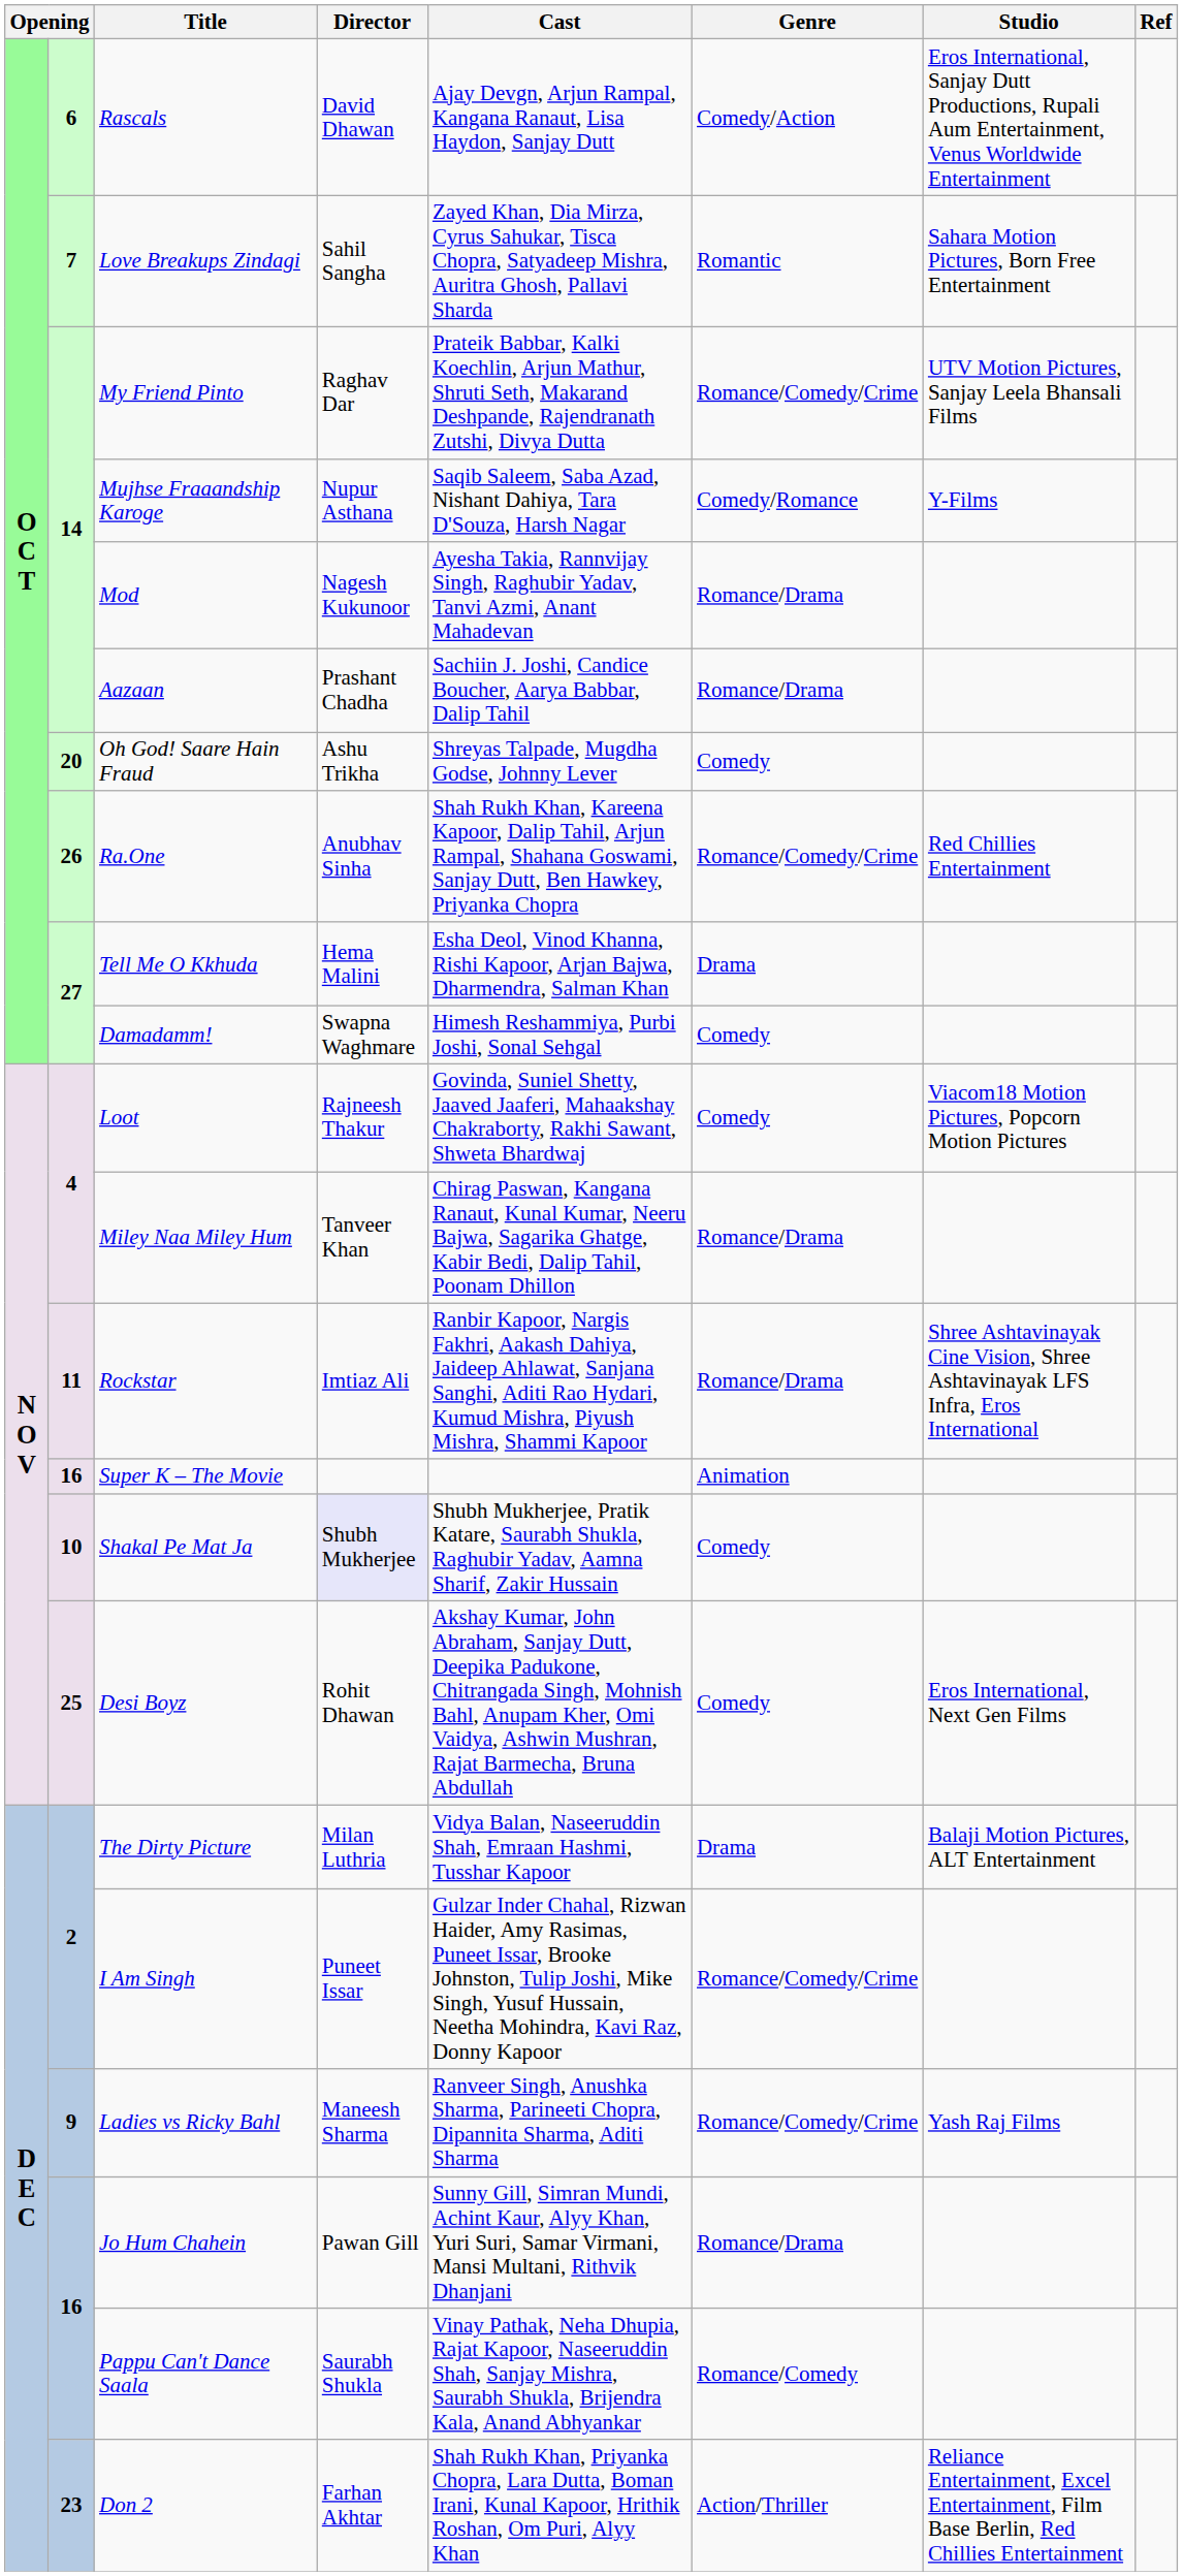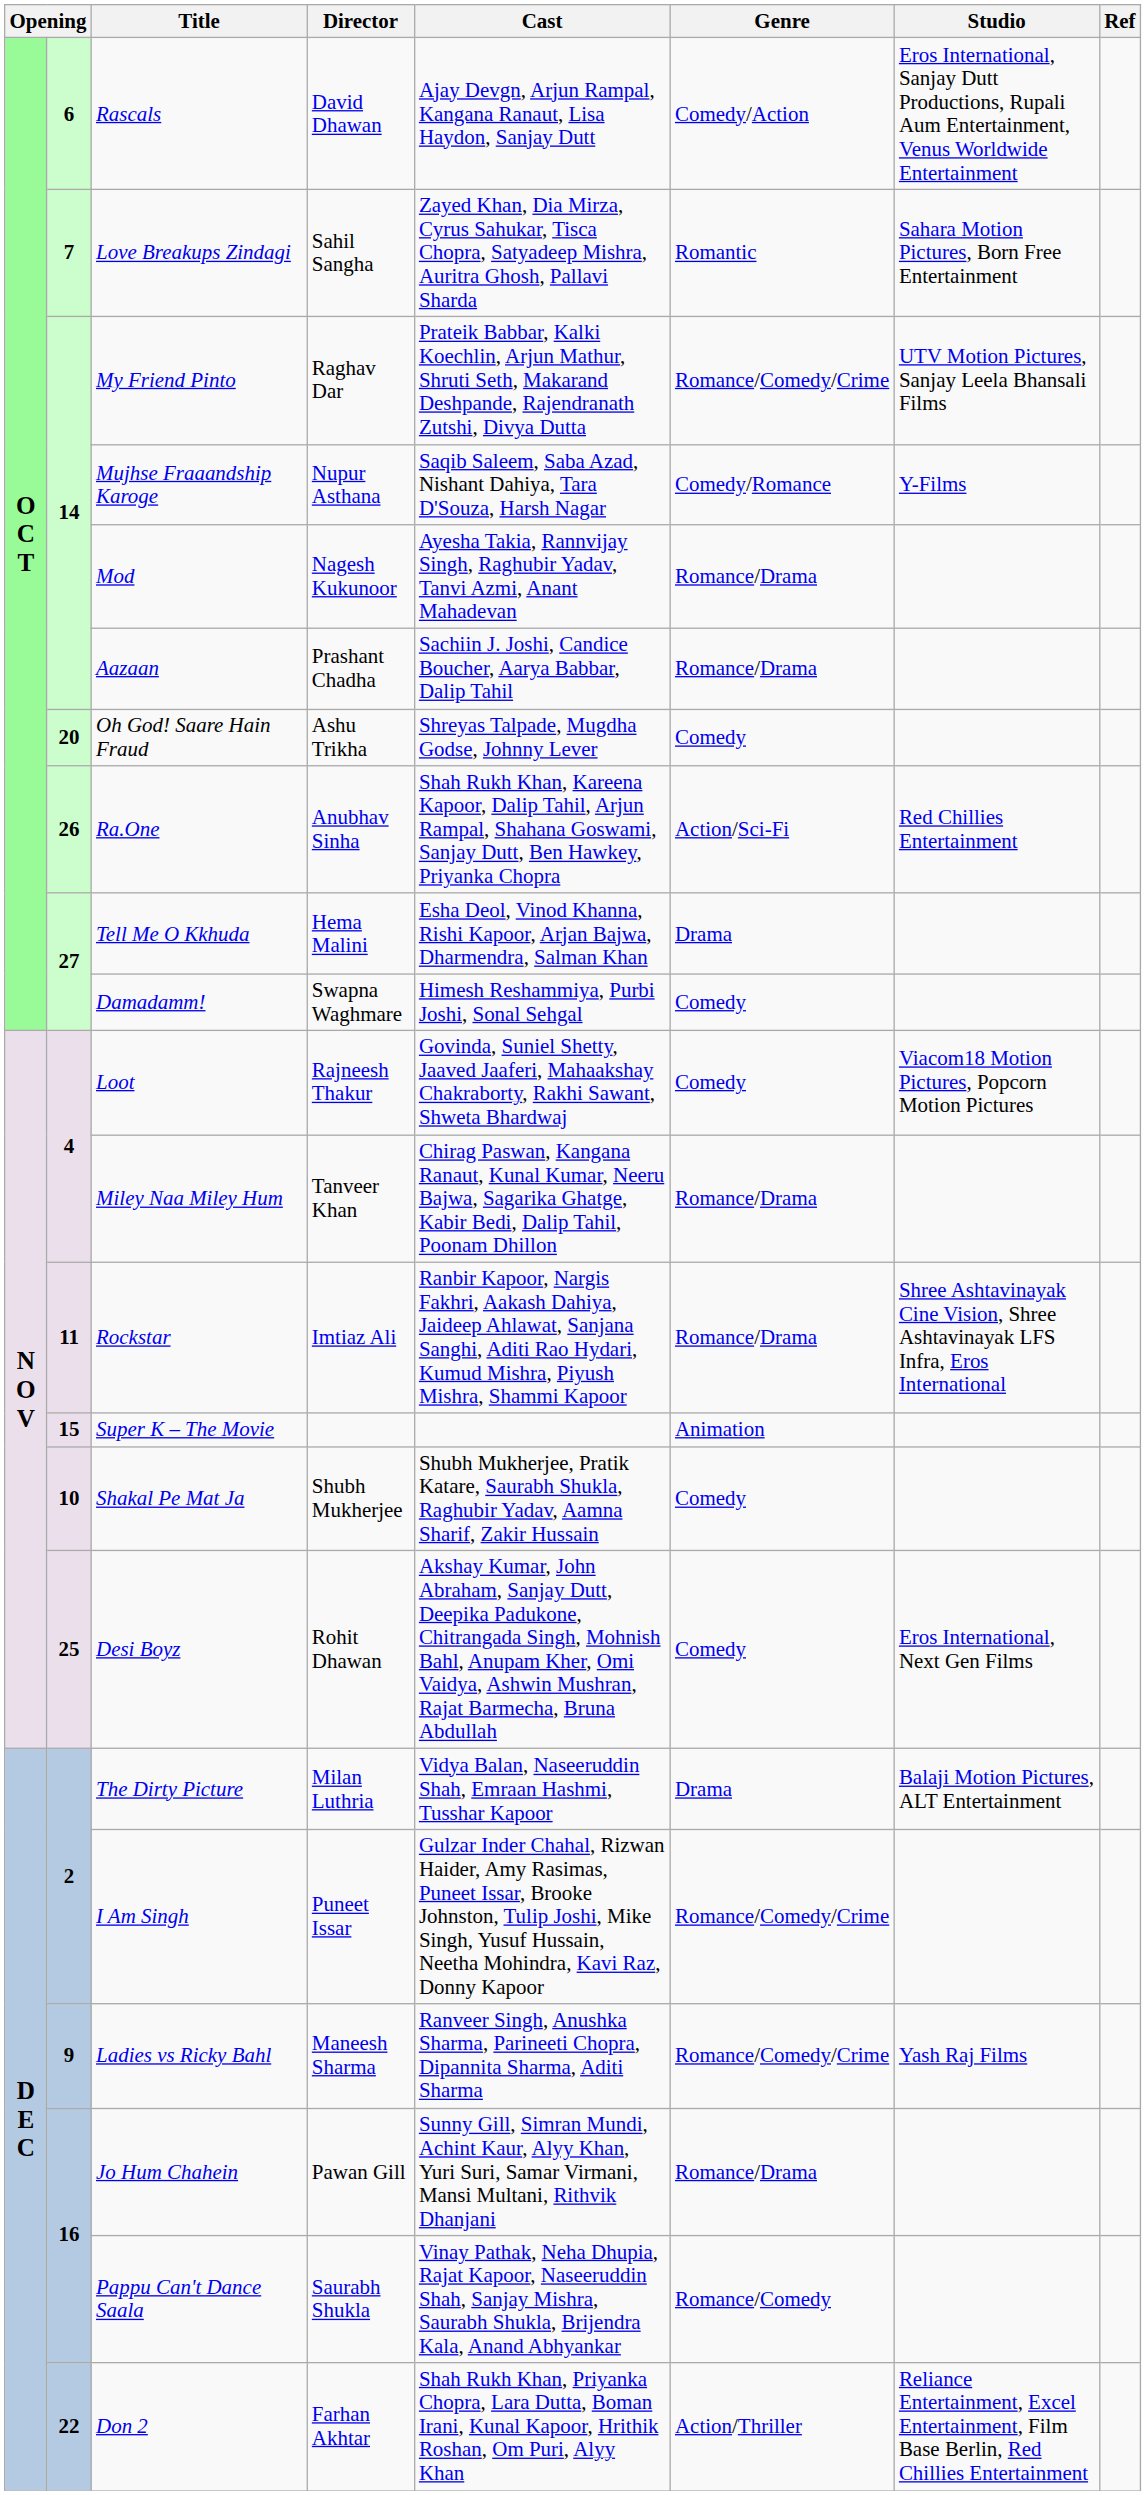 <table class="wikitable">
 <tr style="background:#b0e0e66; text-align:center;">
 <th colspan="2"><strong>Opening</strong></th>
 <th style="width:19%;"><strong>Title</strong></th>
 <th><strong>Director</strong></th>
 <th><strong>Cast</strong></th>
 <th><strong>Genre</strong></th>
 <th><strong>Studio</strong></th>
 <th><strong>Ref</strong></th>
 </tr>
 <tr>
 <td rowspan="10" style="text-align:center; background:#98fb98; textcolor:#000;"><big><strong>O<br>C<br>T</strong></big></td>
 <td style="text-align:center; background:#ccfdcc;"><strong>6</strong></td>
 <td><em><a href='#'>Rascals</a></em></td>
 <td><a href='#'>David Dhawan</a></td>
 <td><a href='#'>Ajay Devgn</a>, <a href='#'>Arjun Rampal</a>, <a href='#'>Kangana Ranaut</a>, <a href='#'>Lisa Haydon</a>, <a href='#'>Sanjay Dutt</a></td>
 <td><a href='#'>Comedy</a>/<a href='#'>Action</a></td>
 <td><a href='#'>Eros International</a>, Sanjay Dutt Productions, Rupali Aum Entertainment, <a href='#'>Venus Worldwide Entertainment</a></td>
 <td></td>
 </tr>
 <tr>
 <td style="text-align:center; background:#ccfdcc;"><strong>7</strong></td>
 <td><em><a href='#'>Love Breakups Zindagi</a></em></td>
 <td>Sahil Sangha</td>
 <td><a href='#'>Zayed Khan</a>, <a href='#'>Dia Mirza</a>, <a href='#'>Cyrus Sahukar</a>, <a href='#'>Tisca Chopra</a>, <a href='#'>Satyadeep Mishra</a>, <a href='#'>Auritra Ghosh</a>, <a href='#'>Pallavi Sharda</a></td>
 <td><a href='#'>Romantic</a></td>
 <td><a href='#'>Sahara Motion Pictures</a>, Born Free Entertainment</td>
 <td></td>
 </tr>
 <tr>
 <td rowspan="4" style="text-align:center; background:#ccfdcc;"><strong>14</strong></td>
 <td><em><a href='#'>My Friend Pinto</a></em></td>
 <td>Raghav Dar</td>
 <td><a href='#'>Prateik Babbar</a>, <a href='#'>Kalki Koechlin</a>, <a href='#'>Arjun Mathur</a>, <a href='#'>Shruti Seth</a>, <a href='#'>Makarand Deshpande</a>, <a href='#'>Rajendranath Zutshi</a>, <a href='#'>Divya Dutta</a></td>
 <td><a href='#'>Romance</a>/<a href='#'>Comedy</a>/<a href='#'>Crime</a></td>
 <td><a href='#'>UTV Motion Pictures</a>, Sanjay Leela Bhansali Films</td>
 <td></td>
 </tr>
 <tr>
 <td><em><a href='#'>Mujhse Fraaandship Karoge</a></em></td>
 <td><a href='#'>Nupur Asthana</a></td>
 <td><a href='#'>Saqib Saleem</a>, <a href='#'>Saba Azad</a>, Nishant Dahiya, <a href='#'>Tara D'Souza</a>, <a href='#'>Harsh Nagar</a></td>
 <td><a href='#'>Comedy</a>/<a href='#'>Romance</a></td>
 <td><a href='#'>Y-Films</a></td>
 <td></td>
 </tr>
 <tr>
 <td><em><a href='#'>Mod</a></em></td>
 <td><a href='#'>Nagesh Kukunoor</a></td>
 <td><a href='#'>Ayesha Takia</a>, <a href='#'>Rannvijay Singh</a>, <a href='#'>Raghubir Yadav</a>, <a href='#'>Tanvi Azmi</a>, <a href='#'>Anant Mahadevan</a></td>
 <td><a href='#'>Romance</a>/<a href='#'>Drama</a></td>
 <td></td>
 <td></td>
 </tr>
 <tr>
 <td><em><a href='#'>Aazaan</a></em></td>
 <td>Prashant Chadha</td>
 <td><a href='#'>Sachiin J. Joshi</a>, <a href='#'>Candice Boucher</a>, <a href='#'>Aarya Babbar</a>, <a href='#'>Dalip Tahil</a></td>
 <td><a href='#'>Romance</a>/<a href='#'>Drama</a></td>
 <td></td>
 <td></td>
 </tr>
 <tr>
 <td style="text-align:center; background:#ccfdcc;"><strong>20</strong></td>
 <td><em>Oh God! Saare Hain Fraud</em></td>
 <td>Ashu Trikha</td>
 <td><a href='#'>Shreyas Talpade</a>, <a href='#'>Mugdha Godse</a>, <a href='#'>Johnny Lever</a></td>
 <td><a href='#'>Comedy</a></td>
 <td></td>
 <td></td>
 </tr>
 <tr>
 <td style="text-align:center; background:#ccfdcc;"><strong>26</strong></td>
 <td><em><a href='#'>Ra.One</a></em></td>
 <td><a href='#'>Anubhav Sinha</a></td>
 <td><a href='#'>Shah Rukh Khan</a>, <a href='#'>Kareena Kapoor</a>, <a href='#'>Dalip Tahil</a>, <a href='#'>Arjun Rampal</a>, <a href='#'>Shahana Goswami</a>, <a href='#'>Sanjay Dutt</a>, <a href='#'>Ben Hawkey</a>, <a href='#'>Priyanka Chopra</a></td>
-<td><a href='#'>Romance</a>/<a href='#'>Comedy</a>/<a href='#'>Crime</a></td>
+<td><a href='#'>Action</a>/<a href='#'>Sci-Fi</a></td>
 <td><a href='#'>Red Chillies Entertainment</a></td>
 <td></td>
 </tr>
 <tr>
 <td rowspan="2" style="text-align:center; background:#ccfdcc;"><strong>27</strong></td>
 <td><em><a href='#'>Tell Me O Kkhuda</a></em></td>
 <td><a href='#'>Hema Malini</a></td>
 <td><a href='#'>Esha Deol</a>, <a href='#'>Vinod Khanna</a>, <a href='#'>Rishi Kapoor</a>, <a href='#'>Arjan Bajwa</a>, <a href='#'>Dharmendra</a>, <a href='#'>Salman Khan</a></td>
 <td><a href='#'>Drama</a></td>
 <td></td>
 <td></td>
 </tr>
 <tr>
 <td><em><a href='#'>Damadamm!</a></em></td>
 <td>Swapna Waghmare</td>
 <td><a href='#'>Himesh Reshammiya</a>, <a href='#'>Purbi Joshi</a>, <a href='#'>Sonal Sehgal</a></td>
 <td><a href='#'>Comedy</a></td>
 <td></td>
 <td></td>
 </tr>
 <tr>
 <td rowspan="6" style="text-align:center; background:#ecdfec; textcolor:#000;"><big><strong>N<br>O<br>V</strong></big></td>
 <td rowspan="2" style="text-align:center; background:#ecdfec;"><strong>4</strong></td>
 <td><em><a href='#'>Loot</a></em></td>
 <td><a href='#'>Rajneesh Thakur</a></td>
 <td><a href='#'>Govinda</a>, <a href='#'>Suniel Shetty</a>, <a href='#'>Jaaved Jaaferi</a>, <a href='#'>Mahaakshay Chakraborty</a>, <a href='#'>Rakhi Sawant</a>, <a href='#'>Shweta Bhardwaj</a></td>
 <td><a href='#'>Comedy</a></td>
 <td><a href='#'>Viacom18 Motion Pictures</a>, Popcorn Motion Pictures</td>
 <td></td>
 </tr>
 <tr>
 <td><em><a href='#'>Miley Naa Miley Hum</a></em></td>
 <td>Tanveer Khan</td>
 <td><a href='#'>Chirag Paswan</a>, <a href='#'>Kangana Ranaut</a>, <a href='#'>Kunal Kumar</a>, <a href='#'>Neeru Bajwa</a>, <a href='#'>Sagarika Ghatge</a>, <a href='#'>Kabir Bedi</a>, <a href='#'>Dalip Tahil</a>, <a href='#'>Poonam Dhillon</a></td>
 <td><a href='#'>Romance</a>/<a href='#'>Drama</a></td>
 <td></td>
 <td></td>
 </tr>
 <tr>
 <td style="text-align:center; background:#ecdfec;"><strong>11</strong></td>
 <td><em><a href='#'>Rockstar</a></em></td>
 <td><a href='#'>Imtiaz Ali</a></td>
 <td><a href='#'>Ranbir Kapoor</a>, <a href='#'>Nargis Fakhri</a>, <a href='#'>Aakash Dahiya</a>, <a href='#'>Jaideep Ahlawat</a>, <a href='#'>Sanjana Sanghi</a>, <a href='#'>Aditi Rao Hydari</a>, <a href='#'>Kumud Mishra</a>, <a href='#'>Piyush Mishra</a>, <a href='#'>Shammi Kapoor</a></td>
 <td><a href='#'>Romance</a>/<a href='#'>Drama</a></td>
 <td><a href='#'>Shree Ashtavinayak Cine Vision</a>, Shree Ashtavinayak LFS Infra, <a href='#'>Eros International</a></td>
 <td></td>
 </tr>
 <tr>
-<td style="text-align:center; background:#ecdfec;"><strong>16</strong></td>
+<td style="text-align:center; background:#ecdfec;"><strong>15</strong></td>
 <td><em><a href='#'>Super K – The Movie</a></em></td>
 <td></td>
 <td></td>
 <td><a href='#'>Animation</a></td>
 <td></td>
 <td></td>
 </tr>
 <tr>
 <td style="text-align:center; background:#ecdfec;"><strong>10</strong></td>
 <td><em><a href='#'>Shakal Pe Mat Ja</a></em></td>
-<td style="background: lavender;">Shubh Mukherjee</td>
+<td>Shubh Mukherjee</td>
 <td>Shubh Mukherjee, Pratik Katare, <a href='#'>Saurabh Shukla</a>, <a href='#'>Raghubir Yadav</a>, <a href='#'>Aamna Sharif</a>, <a href='#'>Zakir Hussain</a></td>
 <td><a href='#'>Comedy</a></td>
 <td></td>
 <td></td>
 </tr>
 <tr>
 <td style="text-align:center; background:#ecdfec;"><strong>25</strong></td>
 <td><em><a href='#'>Desi Boyz</a></em></td>
 <td>Rohit Dhawan</td>
 <td><a href='#'>Akshay Kumar</a>, <a href='#'>John Abraham</a>, <a href='#'>Sanjay Dutt</a>, <a href='#'>Deepika Padukone</a>, <a href='#'>Chitrangada Singh</a>, <a href='#'>Mohnish Bahl</a>, <a href='#'>Anupam Kher</a>, <a href='#'>Omi Vaidya</a>, <a href='#'>Ashwin Mushran</a>, <a href='#'>Rajat Barmecha</a>, <a href='#'>Bruna Abdullah</a></td>
 <td><a href='#'>Comedy</a></td>
 <td><a href='#'>Eros International</a>, Next Gen Films</td>
 <td></td>
 </tr>
 <tr>
 <td rowspan="6" style="text-align:center; background:#b4cae3; textcolor:#000;"><big><strong>D<br>E<br>C</strong></big></td>
 <td rowspan="2" style="text-align:center; background:#b4cae3;"><strong>2</strong></td>
 <td><em><a href='#'>The Dirty Picture</a></em></td>
 <td><a href='#'>Milan Luthria</a></td>
 <td><a href='#'>Vidya Balan</a>, <a href='#'>Naseeruddin Shah</a>, <a href='#'>Emraan Hashmi</a>, <a href='#'>Tusshar Kapoor</a></td>
 <td><a href='#'>Drama</a></td>
 <td><a href='#'>Balaji Motion Pictures</a>, ALT Entertainment</td>
 <td></td>
 </tr>
 <tr>
 <td><em><a href='#'>I Am Singh</a></em></td>
 <td><a href='#'>Puneet Issar</a></td>
 <td><a href='#'>Gulzar Inder Chahal</a>, Rizwan Haider, Amy Rasimas, <a href='#'>Puneet Issar</a>, Brooke Johnston, <a href='#'>Tulip Joshi</a>, Mike Singh, Yusuf Hussain, Neetha Mohindra, <a href='#'>Kavi Raz</a>, Donny Kapoor</td>
 <td><a href='#'>Romance</a>/<a href='#'>Comedy</a>/<a href='#'>Crime</a></td>
 <td></td>
 <td></td>
 </tr>
 <tr>
 <td style="text-align:center; background:#b4cae3;"><strong>9</strong></td>
 <td><em><a href='#'>Ladies vs Ricky Bahl</a></em></td>
 <td><a href='#'>Maneesh Sharma</a></td>
 <td><a href='#'>Ranveer Singh</a>, <a href='#'>Anushka Sharma</a>, <a href='#'>Parineeti Chopra</a>, <a href='#'>Dipannita Sharma</a>, <a href='#'>Aditi Sharma</a></td>
 <td><a href='#'>Romance</a>/<a href='#'>Comedy</a>/<a href='#'>Crime</a></td>
 <td><a href='#'>Yash Raj Films</a></td>
 <td></td>
 </tr>
 <tr>
 <td rowspan="2" style="text-align:center; background:#b4cae3;"><strong>16</strong></td>
 <td><em><a href='#'>Jo Hum Chahein</a></em></td>
 <td>Pawan Gill</td>
 <td><a href='#'>Sunny Gill</a>, <a href='#'>Simran Mundi</a>, <a href='#'>Achint Kaur</a>, <a href='#'>Alyy Khan</a>, Yuri Suri, Samar Virmani, Mansi Multani, <a href='#'>Rithvik Dhanjani</a></td>
 <td><a href='#'>Romance</a>/<a href='#'>Drama</a></td>
 <td></td>
 <td></td>
 </tr>
 <tr>
 <td><em><a href='#'>Pappu Can't Dance Saala</a></em></td>
 <td><a href='#'>Saurabh Shukla</a></td>
 <td><a href='#'>Vinay Pathak</a>, <a href='#'>Neha Dhupia</a>, <a href='#'>Rajat Kapoor</a>, <a href='#'>Naseeruddin Shah</a>, <a href='#'>Sanjay Mishra</a>, <a href='#'>Saurabh Shukla</a>, <a href='#'>Brijendra Kala</a>, <a href='#'>Anand Abhyankar</a></td>
 <td><a href='#'>Romance</a>/<a href='#'>Comedy</a></td>
 <td></td>
 <td></td>
 </tr>
 <tr>
-<td style="text-align:center; background:#b4cae3;"><strong>23</strong></td>
+<td style="text-align:center; background:#b4cae3;"><strong>22</strong></td>
 <td><em><a href='#'>Don 2</a></em></td>
 <td><a href='#'>Farhan Akhtar</a></td>
 <td><a href='#'>Shah Rukh Khan</a>, <a href='#'>Priyanka Chopra</a>, <a href='#'>Lara Dutta</a>, <a href='#'>Boman Irani</a>, <a href='#'>Kunal Kapoor</a>, <a href='#'>Hrithik Roshan</a>, <a href='#'>Om Puri</a>, <a href='#'>Alyy Khan</a></td>
 <td><a href='#'>Action</a>/<a href='#'>Thriller</a></td>
 <td><a href='#'>Reliance Entertainment</a>, <a href='#'>Excel Entertainment</a>, Film Base Berlin, <a href='#'>Red Chillies Entertainment</a></td>
 <td></td>
 </tr>
 </table>
